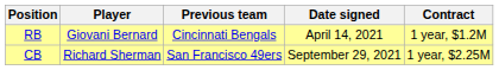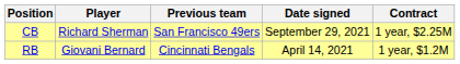 <table class="wikitable" style="text-align:center">
 <tr>
 <th>Position</th>
 <th>Player</th>
 <th>Previous team</th>
 <th>Date signed</th>
 <th>Contract</th>
 </tr>
 <tr style="background:#ff9">
+<td><a href='#'>CB</a></td>
+<td><a href='#'>Richard Sherman</a></td>
+<td><a href='#'>San Francisco 49ers</a></td>
+<td>September 29, 2021</td>
+<td>1 year, $2.25M</td>
+</tr>
+<tr style="background:#ff9">
 <td><a href='#'>RB</a></td>
 <td><a href='#'>Giovani Bernard</a></td>
 <td><a href='#'>Cincinnati Bengals</a></td>
 <td>April 14, 2021</td>
 <td>1 year, $1.2M</td>
 </tr>
-<tr style="background:#ff9">
-<td><a href='#'>CB</a></td>
-<td><a href='#'>Richard Sherman</a></td>
-<td><a href='#'>San Francisco 49ers</a></td>
-<td>September 29, 2021</td>
-<td>1 year, $2.25M</td>
-</tr>
 </table>
